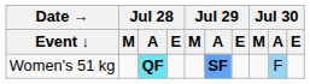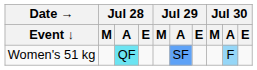 <table class="wikitable" style="margin:0.5em auto;">
 <tr>
 <th>Date →</th>
 <th colspan="3">Jul 28</th>
 <th colspan="3">Jul 29</th>
 <th colspan="3">Jul 30</th>
 </tr>
 <tr>
 <th>Event  ↓</th>
 <th>M</th>
 <th>A</th>
 <th>E</th>
 <th>M</th>
 <th>A</th>
 <th>E</th>
 <th>M</th>
 <th>A</th>
 <th>E</th>
 </tr>
 <tr>
 <td class="event">Women's 51 kg</td>
 <td></td>
-<td bgcolor="#6be4f2" align=center><strong>QF</strong></td>
+<td bgcolor="#6be4f2" align=center>QF</td>
 <td></td>
 <td></td>
-<td bgcolor="#5ea2f7" align=center><strong>SF</strong></td>
+<td bgcolor="#5ea2f7" align=center>SF</td>
 <td></td>
 <td></td>
 <td bgcolor="#95d6f7" align=center>F</td>
 <td></td>
 </tr>
 </table>
